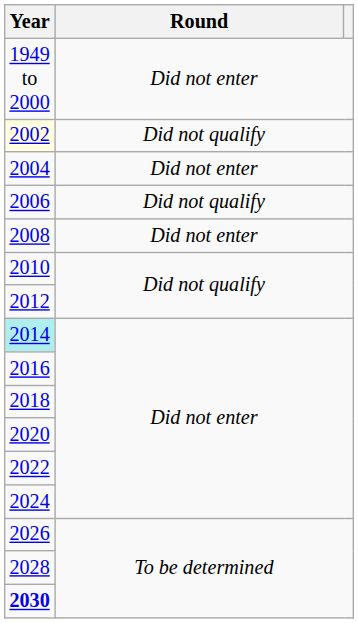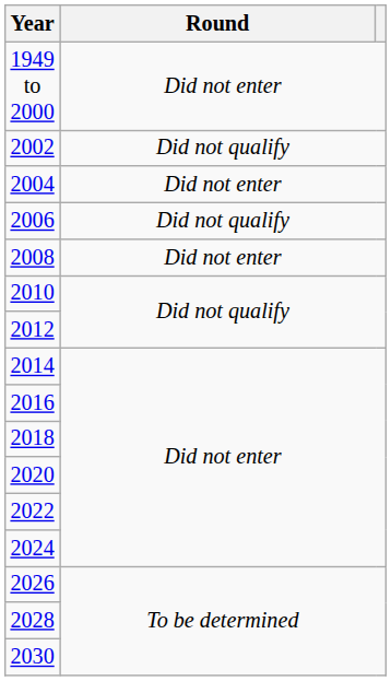 <table class="wikitable" style="text-align: center; font-size:90%">
 <tr>
 <th>Year</th>
 <th style="width:200px">Round</th>
 <th></th>
 </tr>
 <tr>
 <td><a href='#'>1949</a><br>to<br><a href='#'>2000</a></td>
 <td colspan="2"><em>Did not enter</em></td>
 </tr>
 <tr>
-<td style="background: lightyellow;"><a href='#'>2002</a></td>
+<td><a href='#'>2002</a></td>
 <td colspan="2"><em>Did not qualify</em></td>
 </tr>
 <tr>
 <td><a href='#'>2004</a></td>
 <td colspan="2"><em>Did not enter</em></td>
 </tr>
 <tr>
 <td><a href='#'>2006</a></td>
 <td colspan="2"><em>Did not qualify</em></td>
 </tr>
 <tr>
 <td><a href='#'>2008</a></td>
 <td colspan="2"><em>Did not enter</em></td>
 </tr>
 <tr>
 <td><a href='#'>2010</a></td>
 <td colspan="2" rowspan="2"><em>Did not qualify</em></td>
 </tr>
 <tr>
 <td><a href='#'>2012</a></td>
 </tr>
 <tr>
-<td style="background: paleturquoise;"><a href='#'>2014</a></td>
+<td><a href='#'>2014</a></td>
 <td colspan="2" rowspan="6"><em>Did not enter</em></td>
 </tr>
 <tr>
 <td><a href='#'>2016</a></td>
 </tr>
 <tr>
 <td><a href='#'>2018</a></td>
 </tr>
 <tr>
 <td><a href='#'>2020</a></td>
 </tr>
 <tr>
 <td><a href='#'>2022</a></td>
 </tr>
 <tr>
 <td><a href='#'>2024</a></td>
 </tr>
 <tr>
 <td><a href='#'>2026</a></td>
 <td colspan="2" rowspan="3"><em>To be determined</em></td>
 </tr>
 <tr>
 <td><a href='#'>2028</a></td>
 </tr>
 <tr>
-<td><strong><a href='#'>2030</a></strong></td>
+<td><a href='#'>2030</a></td>
 </tr>
 </table>
